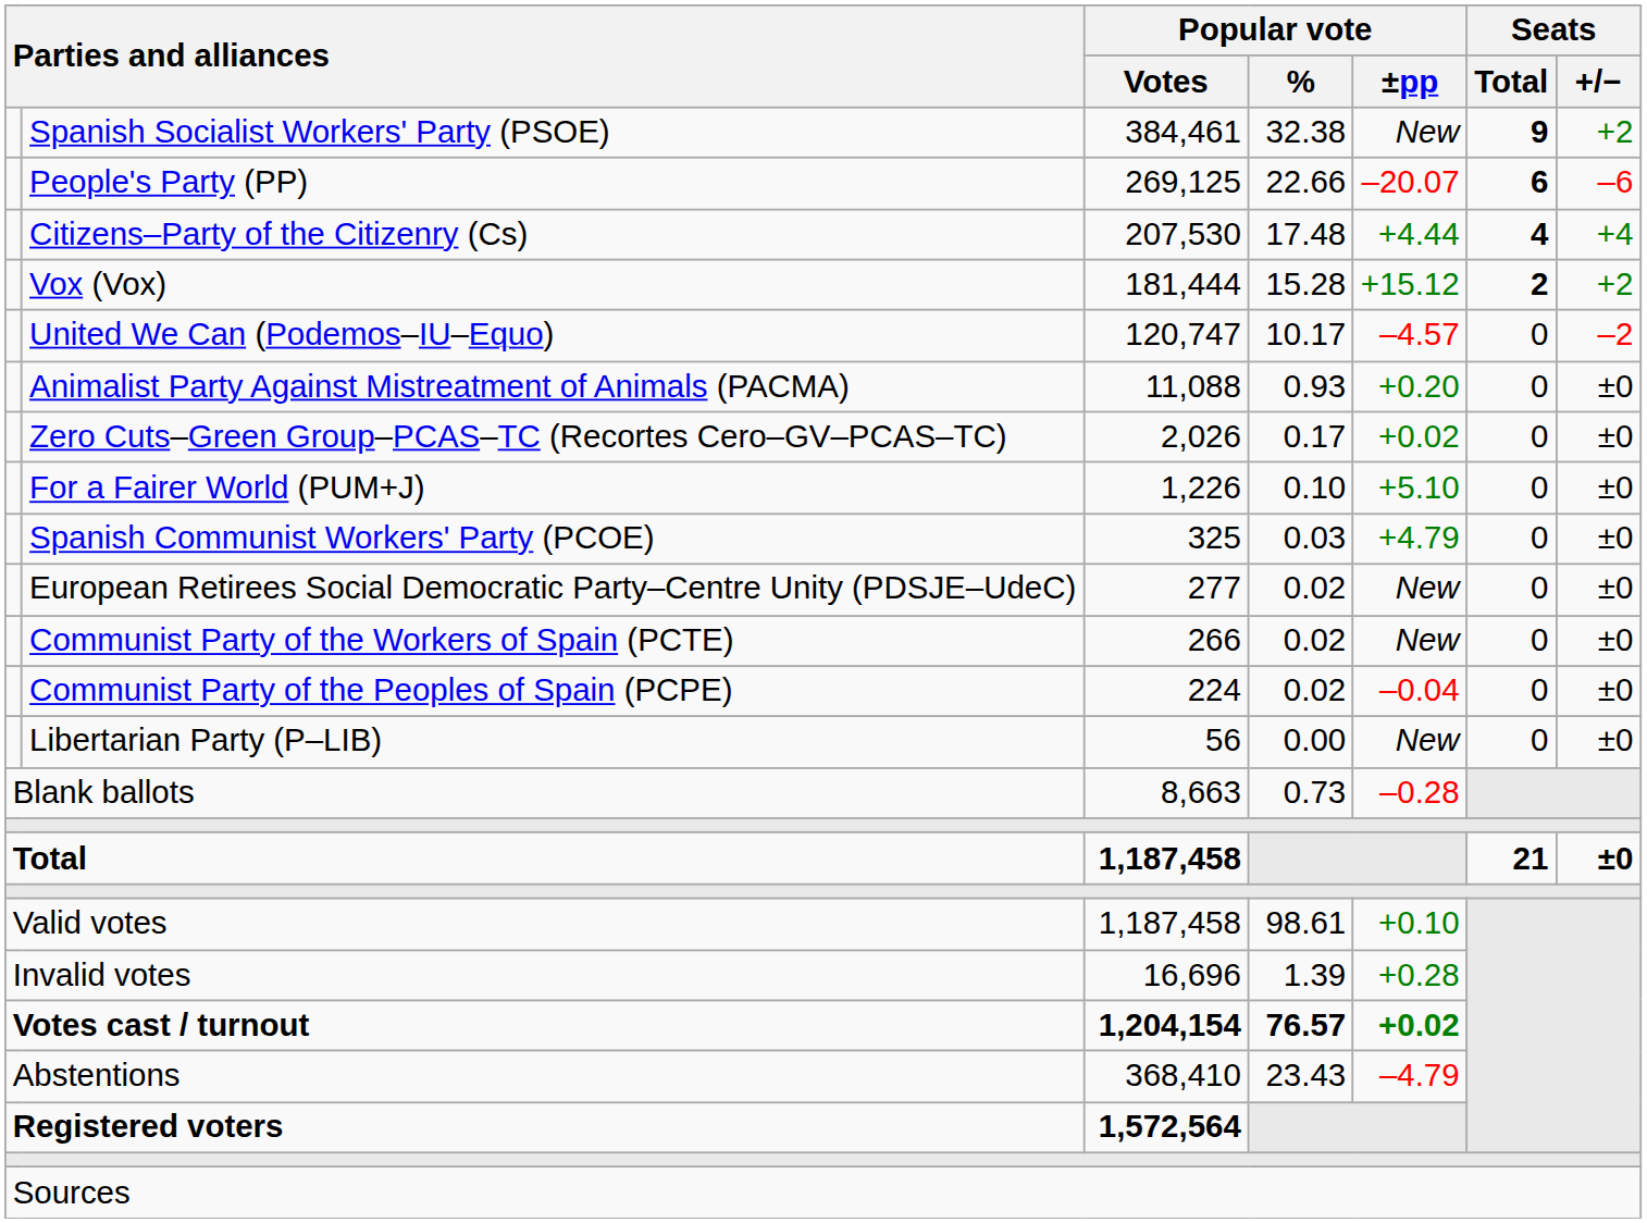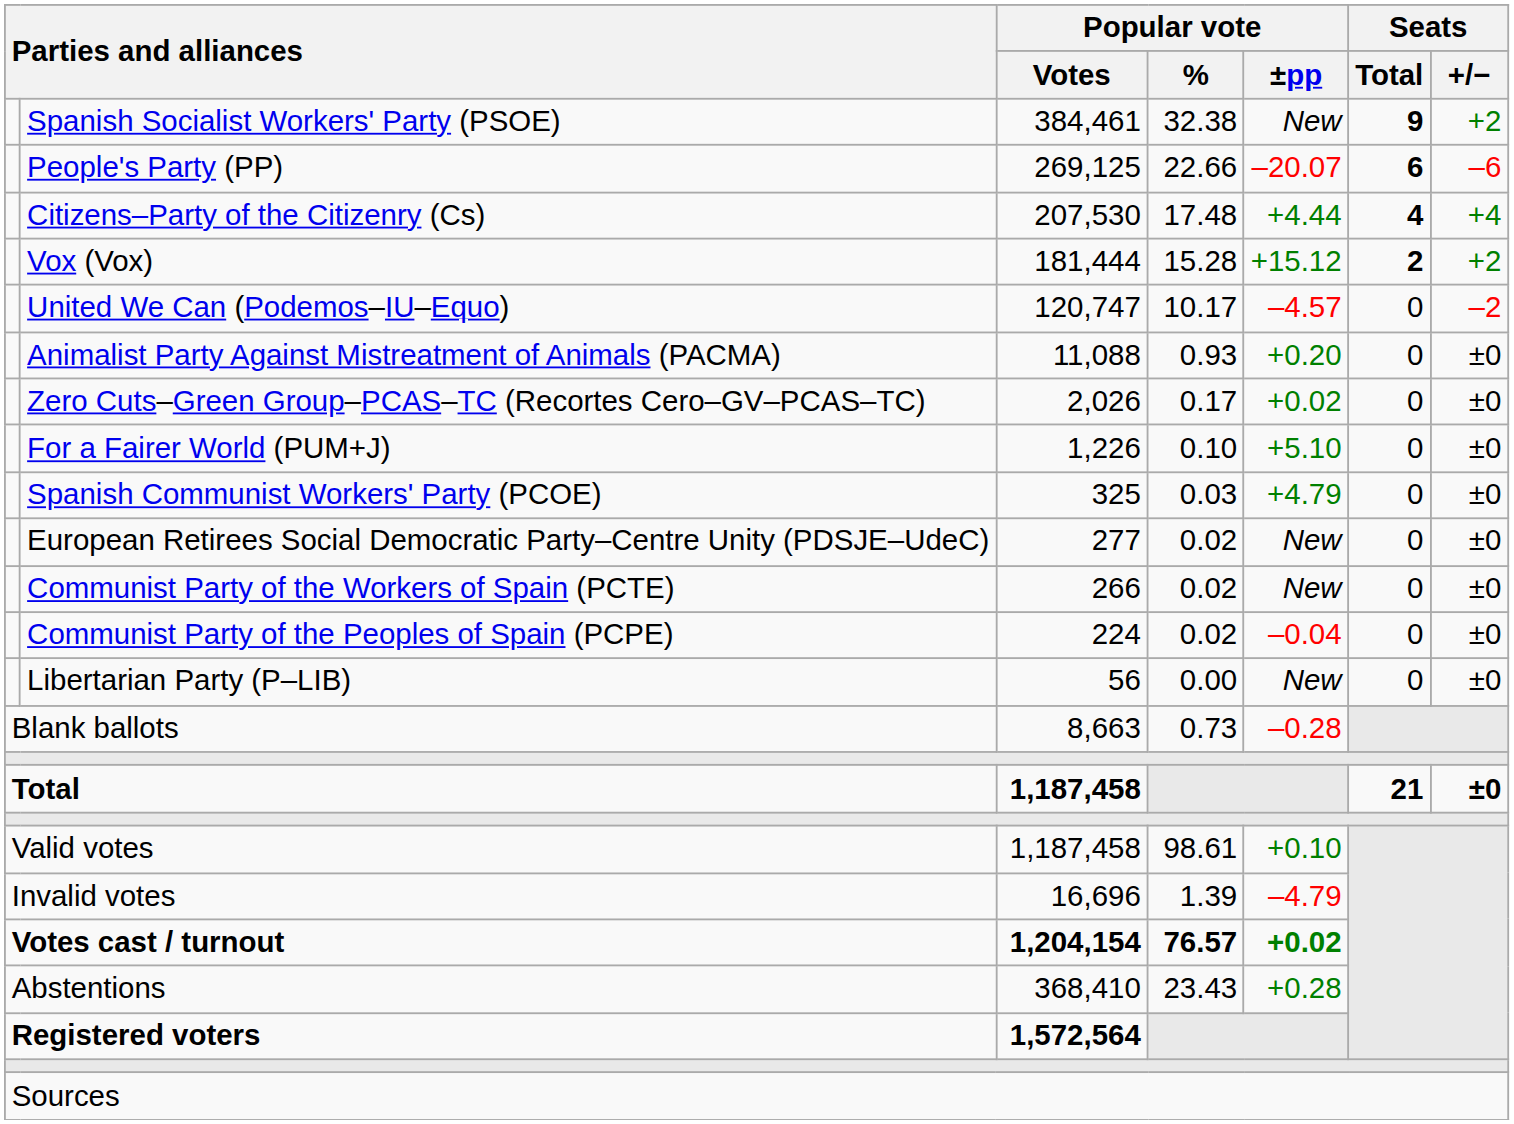 <table class="wikitable" style="text-align:right;">
 <tr>
 <th style="text-align:left;" rowspan="2" colspan="2" width="525">Parties and alliances</th>
 <th colspan="3">Popular vote</th>
 <th colspan="2">Seats</th>
 </tr>
 <tr>
 <th width="75">Votes</th>
 <th width="45">%</th>
 <th width="45">±<a href='#'>pp</a></th>
 <th width="35">Total</th>
 <th width="35">+/−</th>
 </tr>
 <tr>
 <td width="1" style="color:inherit;background:"></td>
 <td align="left"><a href='#'>Spanish Socialist Workers' Party</a> (PSOE)</td>
 <td>384,461</td>
 <td>32.38</td>
 <td><em>New</em></td>
 <td><strong>9</strong></td>
 <td style="color:green;">+2</td>
 </tr>
 <tr>
 <td style="color:inherit;background:"></td>
 <td align="left"><a href='#'>People's Party</a> (PP)</td>
 <td>269,125</td>
 <td>22.66</td>
 <td style="color:red;">–20.07</td>
 <td><strong>6</strong></td>
 <td style="color:red;">–6</td>
 </tr>
 <tr>
 <td style="color:inherit;background:"></td>
 <td align="left"><a href='#'>Citizens–Party of the Citizenry</a> (Cs)</td>
 <td>207,530</td>
 <td>17.48</td>
 <td style="color:green;">+4.44</td>
 <td><strong>4</strong></td>
 <td style="color:green;">+4</td>
 </tr>
 <tr>
 <td style="color:inherit;background:"></td>
 <td align="left"><a href='#'>Vox</a> (Vox)</td>
 <td>181,444</td>
 <td>15.28</td>
 <td style="color:green;">+15.12</td>
 <td><strong>2</strong></td>
 <td style="color:green;">+2</td>
 </tr>
 <tr>
 <td style="color:inherit;background:"></td>
 <td align="left"><a href='#'>United We Can</a> (<a href='#'>Podemos</a>–<a href='#'>IU</a>–<a href='#'>Equo</a>)</td>
 <td>120,747</td>
 <td>10.17</td>
 <td style="color:red;">–4.57</td>
 <td>0</td>
 <td style="color:red;">–2</td>
 </tr>
 <tr>
 <td style="color:inherit;background:"></td>
 <td align="left"><a href='#'>Animalist Party Against Mistreatment of Animals</a> (PACMA)</td>
 <td>11,088</td>
 <td>0.93</td>
 <td style="color:green;">+0.20</td>
 <td>0</td>
 <td>±0</td>
 </tr>
 <tr>
 <td style="color:inherit;background:"></td>
 <td align="left"><a href='#'>Zero Cuts</a>–<a href='#'>Green Group</a>–<a href='#'>PCAS</a>–<a href='#'>TC</a> (Recortes Cero–GV–PCAS–TC)</td>
 <td>2,026</td>
 <td>0.17</td>
 <td style="color:green;">+0.02</td>
 <td>0</td>
 <td>±0</td>
 </tr>
 <tr>
 <td style="color:inherit;background:"></td>
 <td align="left"><a href='#'>For a Fairer World</a> (PUM+J)</td>
 <td>1,226</td>
 <td>0.10</td>
 <td style="color:green;">+5.10</td>
 <td>0</td>
 <td>±0</td>
 </tr>
 <tr>
 <td style="color:inherit;background:"></td>
 <td align="left"><a href='#'>Spanish Communist Workers' Party</a> (PCOE)</td>
 <td>325</td>
 <td>0.03</td>
 <td style="color:green;">+4.79</td>
 <td>0</td>
 <td>±0</td>
 </tr>
 <tr>
 <td style="color:inherit;background:"></td>
 <td align="left">European Retirees Social Democratic Party–Centre Unity (PDSJE–UdeC)</td>
 <td>277</td>
 <td>0.02</td>
 <td><em>New</em></td>
 <td>0</td>
 <td>±0</td>
 </tr>
 <tr>
 <td style="color:inherit;background:"></td>
 <td align="left"><a href='#'>Communist Party of the Workers of Spain</a> (PCTE)</td>
 <td>266</td>
 <td>0.02</td>
 <td><em>New</em></td>
 <td>0</td>
 <td>±0</td>
 </tr>
 <tr>
 <td style="color:inherit;background:"></td>
 <td align="left"><a href='#'>Communist Party of the Peoples of Spain</a> (PCPE)</td>
 <td>224</td>
 <td>0.02</td>
 <td style="color:red;">–0.04</td>
 <td>0</td>
 <td>±0</td>
 </tr>
 <tr>
 <td style="color:inherit;background:"></td>
 <td align="left">Libertarian Party (P–LIB)</td>
 <td>56</td>
 <td>0.00</td>
 <td><em>New</em></td>
 <td>0</td>
 <td>±0</td>
 </tr>
 <tr>
 <td align="left" colspan="2">Blank ballots</td>
 <td>8,663</td>
 <td>0.73</td>
 <td style="color:red;">–0.28</td>
 <td bgcolor="#E9E9E9" colspan="2"></td>
 </tr>
 <tr>
 <td colspan="7" bgcolor="#E9E9E9"></td>
 </tr>
 <tr style="font-weight:bold;">
 <td align="left" colspan="2">Total</td>
 <td>1,187,458</td>
 <td bgcolor="#E9E9E9" colspan="2"></td>
 <td>21</td>
 <td>±0</td>
 </tr>
 <tr>
 <td colspan="7" bgcolor="#E9E9E9"></td>
 </tr>
 <tr>
 <td align="left" colspan="2">Valid votes</td>
 <td>1,187,458</td>
 <td>98.61</td>
 <td style="color:green;">+0.10</td>
 <td bgcolor="#E9E9E9" colspan="2" rowspan="5"></td>
 </tr>
 <tr>
 <td align="left" colspan="2">Invalid votes</td>
 <td>16,696</td>
 <td>1.39</td>
-<td style="color:green;">+0.28</td>
+<td style="color:red;">–4.79</td>
 </tr>
 <tr style="font-weight:bold;">
 <td align="left" colspan="2">Votes cast / turnout</td>
 <td>1,204,154</td>
 <td>76.57</td>
 <td style="color:green;">+0.02</td>
 </tr>
 <tr>
 <td align="left" colspan="2">Abstentions</td>
 <td>368,410</td>
 <td>23.43</td>
-<td style="color:red;">–4.79</td>
+<td style="color:green;">+0.28</td>
 </tr>
 <tr style="font-weight:bold;">
 <td align="left" colspan="2">Registered voters</td>
 <td>1,572,564</td>
 <td bgcolor="#E9E9E9" colspan="2"></td>
 </tr>
 <tr>
 <td colspan="7" bgcolor="#E9E9E9"></td>
 </tr>
 <tr>
 <td align="left" colspan="7">Sources</td>
 </tr>
 </table>
